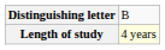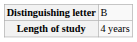 <table class="wikitable">
 <tr>
 <th>Distinguishing letter</th>
 <td>B</td>
 </tr>
 <tr>
 <th>Length of study</th>
-<td style="background: lightyellow;">4 years</td>
+<td>4 years</td>
 </tr>
 </table>
